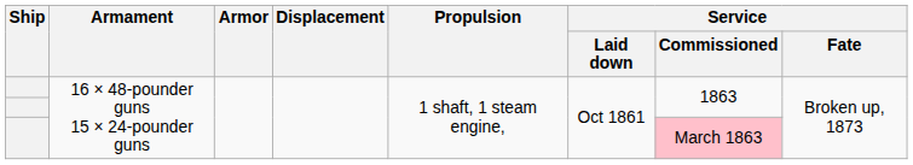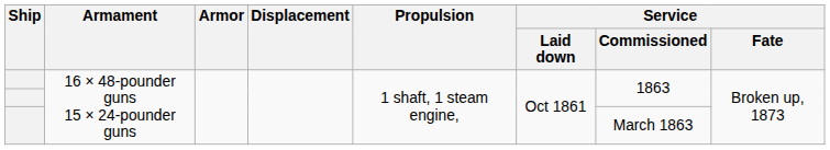 <table class="wikitable plainrowheaders" style="text-align: center;">
 <tr valign="top">
 <th scope="col" rowspan="2">Ship</th>
 <th scope="col" rowspan="2">Armament</th>
 <th scope="col" rowspan="2">Armor</th>
 <th scope="col" rowspan="2">Displacement</th>
 <th scope="col" rowspan="2">Propulsion</th>
 <th scope="col" colspan="3">Service</th>
 </tr>
 <tr valign="top">
 <th scope="col">Laid down</th>
 <th scope="col">Commissioned</th>
 <th scope="col">Fate</th>
 </tr>
 <tr valign="center">
 <th scope="row"></th>
 <td rowspan="3">16 × 48-pounder guns<br>15 × 24-pounder guns</td>
 <td rowspan="3"></td>
 <td rowspan="3"></td>
 <td rowspan="3">1 shaft, 1 steam engine, </td>
 <td rowspan="3">Oct 1861</td>
 <td rowspan="2">1863</td>
 <td rowspan="3">Broken up, 1873</td>
 </tr>
 <tr valign="center">
 <th scope="row"></th>
 </tr>
 <tr valign="center">
 <th scope="row"></th>
-<td style="background: pink;">March 1863</td>
+<td>March 1863</td>
 </tr>
 </table>
